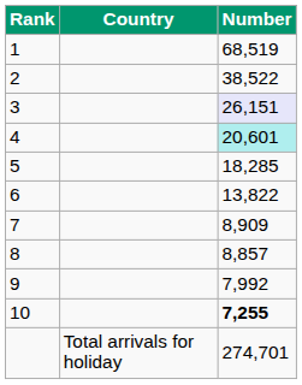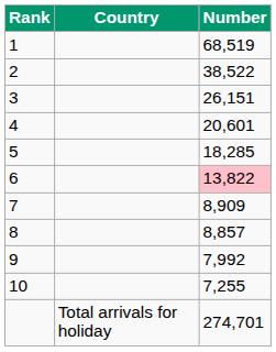 <table class="wikitable">
 <tr>
 </tr>
 <tr style="color:white;">
 <th style="width:5px; background:#00966E;">Rank</th>
 <th style="width:130px; background:#00966E;">Country</th>
 <th style="width:50px; background:#00966E;">Number</th>
 </tr>
 <tr>
 <td>1</td>
 <td></td>
 <td>68,519</td>
 </tr>
 <tr>
 <td>2</td>
 <td></td>
 <td>38,522</td>
 </tr>
 <tr>
 <td>3</td>
 <td></td>
-<td style="background: lavender;">26,151</td>
+<td>26,151</td>
 </tr>
 <tr>
 <td>4</td>
 <td></td>
-<td style="background: paleturquoise;">20,601</td>
+<td>20,601</td>
 </tr>
 <tr>
 <td>5</td>
 <td></td>
 <td>18,285</td>
 </tr>
 <tr>
 <td>6</td>
 <td></td>
-<td>13,822</td>
+<td style="background: pink;">13,822</td>
 </tr>
 <tr>
 <td>7</td>
 <td></td>
 <td>8,909</td>
 </tr>
 <tr>
 <td>8</td>
 <td></td>
 <td>8,857</td>
 </tr>
 <tr>
 <td>9</td>
 <td></td>
 <td>7,992</td>
 </tr>
 <tr>
 <td>10</td>
 <td></td>
-<td><strong>7,255</strong></td>
+<td>7,255</td>
 </tr>
 <tr>
 <td></td>
 <td>Total arrivals for holiday</td>
 <td>274,701</td>
 </tr>
 </table>
